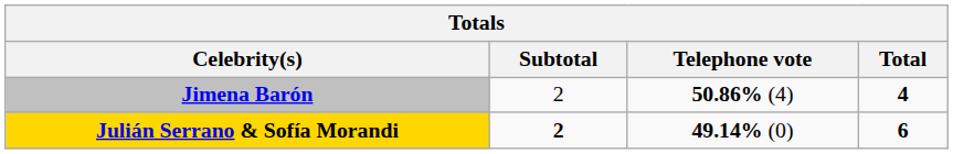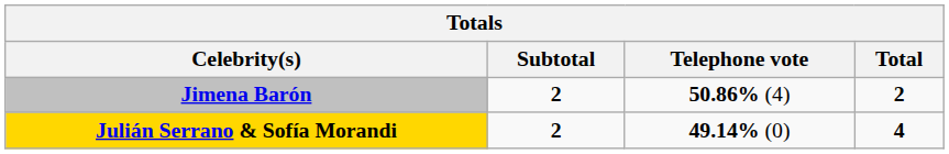 <table class="wikitable collapsible collapsed" style="font-size:90%; text-align: center; width: 100%;">
 <tr>
 <th colspan="11" style="with: 95%;" align=center>Totals</th>
 </tr>
 <tr>
 <th>Celebrity(s)</th>
 <th>Subtotal</th>
 <th>Telephone vote</th>
 <th>Total</th>
 </tr>
 <tr>
 <td bgcolor="silver"><strong><a href='#'>Jimena Barón</a></strong></td>
-<td>2</td>
+<td><strong>2</strong></td>
 <td><strong>50.86%</strong> (4)</td>
-<td><strong>4</strong></td>
+<td><strong>2</strong></td>
 </tr>
 <tr>
 <td bgcolor="gold"><strong><a href='#'>Julián Serrano</a> & Sofía Morandi</strong></td>
 <td><strong>2</strong></td>
 <td><strong>49.14%</strong> (0)</td>
-<td><strong>6</strong></td>
+<td><strong>4</strong></td>
 </tr>
 </table>
